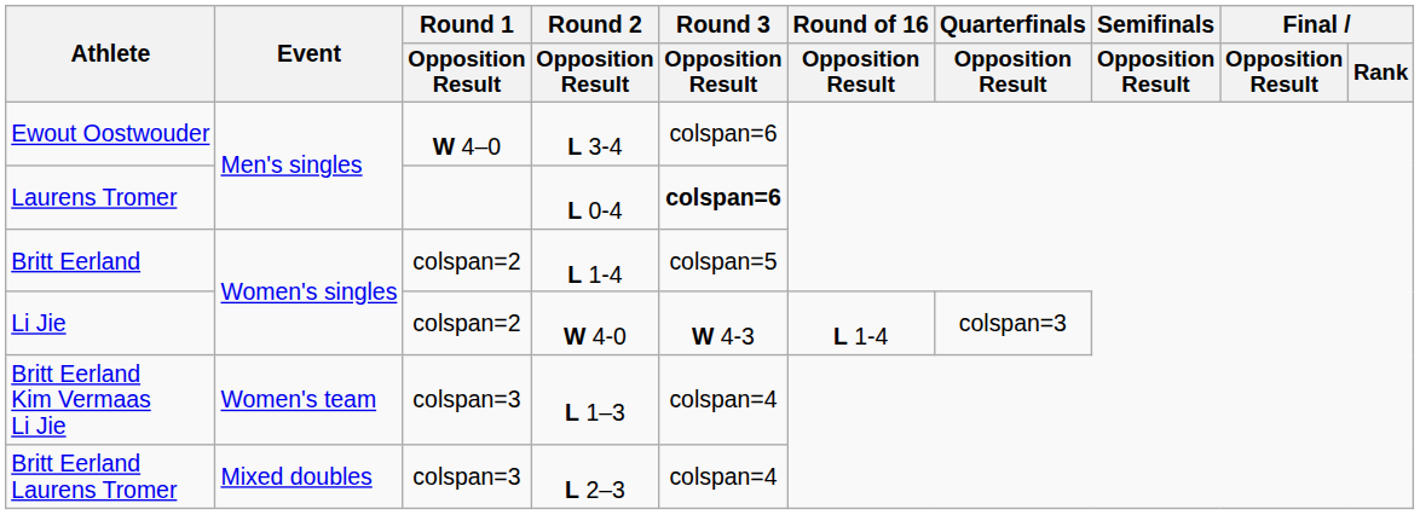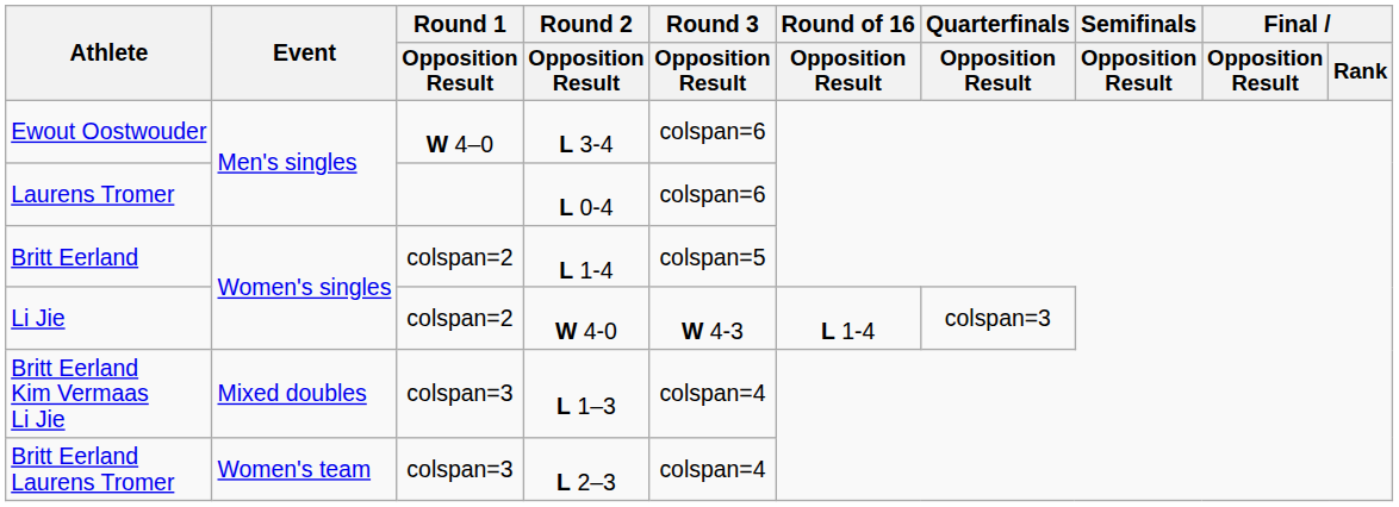 <table class="wikitable" style="text-align:center; font-size:90%">
 <tr>
 <th rowspan=2>Athlete</th>
 <th rowspan=2>Event</th>
 <th>Round 1</th>
 <th>Round 2</th>
 <th>Round 3</th>
 <th>Round of 16</th>
 <th>Quarterfinals</th>
 <th>Semifinals</th>
 <th colspan=2>Final / </th>
 </tr>
 <tr style="font-size:95%">
 <th>Opposition<br>Result</th>
 <th>Opposition<br>Result</th>
 <th>Opposition<br>Result</th>
 <th>Opposition<br>Result</th>
 <th>Opposition<br>Result</th>
 <th>Opposition<br>Result</th>
 <th>Opposition<br>Result</th>
 <th>Rank</th>
 </tr>
 <tr>
 <td align=left><a href='#'>Ewout Oostwouder</a></td>
 <td rowspan=2 align=left><a href='#'>Men's singles</a></td>
 <td><br><strong>W</strong> 4–0</td>
 <td><br><strong>L</strong> 3-4</td>
 <td>colspan=6 </td>
 </tr>
 <tr>
 <td align=left><a href='#'>Laurens Tromer</a></td>
 <td></td>
 <td><br><strong>L</strong> 0-4</td>
-<td><strong>colspan=6 </strong></td>
+<td>colspan=6 </td>
 </tr>
 <tr>
 <td align=left><a href='#'>Britt Eerland</a></td>
 <td rowspan=2 align=left><a href='#'>Women's singles</a></td>
 <td>colspan=2 </td>
 <td><br><strong>L</strong> 1-4</td>
 <td>colspan=5 </td>
 </tr>
 <tr>
 <td align=left><a href='#'>Li Jie</a></td>
 <td>colspan=2 </td>
 <td><br><strong>W</strong> 4-0</td>
 <td><br><strong>W</strong> 4-3</td>
 <td><br><strong>L</strong> 1-4</td>
 <td>colspan=3 </td>
 </tr>
 <tr>
 <td align=left><a href='#'>Britt Eerland</a><br><a href='#'>Kim Vermaas</a><br><a href='#'>Li Jie</a></td>
-<td align=left><a href='#'>Women's team</a></td>
+<td align=left><a href='#'>Mixed doubles</a></td>
 <td>colspan=3 </td>
 <td><br><strong>L</strong> 1–3</td>
 <td>colspan=4 </td>
 </tr>
 <tr>
 <td align=left><a href='#'>Britt Eerland</a><br><a href='#'>Laurens Tromer</a></td>
-<td align=left><a href='#'>Mixed doubles</a></td>
+<td align=left><a href='#'>Women's team</a></td>
 <td>colspan=3 </td>
 <td><br><strong>L</strong> 2–3</td>
 <td>colspan=4 </td>
 </tr>
 </table>
